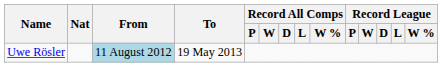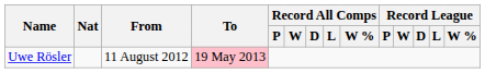 <table class="wikitable" style="text-align: center">
 <tr>
 <th rowspan="2">Name</th>
 <th rowspan="2">Nat</th>
 <th rowspan="2">From</th>
 <th rowspan="2">To</th>
 <th colspan="5">Record All Comps</th>
 <th colspan="5">Record League</th>
 </tr>
 <tr>
 <th>P</th>
 <th>W</th>
 <th>D</th>
 <th>L</th>
 <th>W %</th>
 <th>P</th>
 <th>W</th>
 <th>D</th>
 <th>L</th>
 <th>W %</th>
 </tr>
 <tr>
 <td style="text-align:left;"><a href='#'>Uwe Rösler</a></td>
 <td></td>
-<td style="background: lightblue; text-align:left;">11 August 2012</td>
-<td style="text-align:left;">19 May 2013<br> </td>
+<td style="text-align:left;">11 August 2012</td>
+<td style="background: pink; text-align:left;">19 May 2013<br> </td>
 </tr>
 </table>
